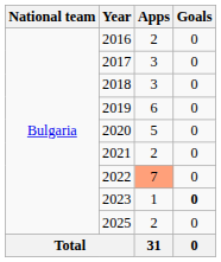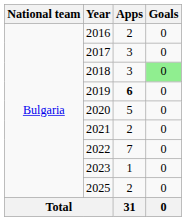 <table class="wikitable" style="text-align:center">
 <tr>
 <th>National team</th>
 <th>Year</th>
 <th>Apps</th>
 <th>Goals</th>
 </tr>
 <tr>
 <td rowspan="9"><a href='#'>Bulgaria</a></td>
 <td>2016</td>
 <td>2</td>
 <td>0</td>
 </tr>
 <tr>
 <td>2017</td>
 <td>3</td>
 <td>0</td>
 </tr>
 <tr>
 <td>2018</td>
 <td>3</td>
-<td>0</td>
+<td style="background: lightgreen;">0</td>
 </tr>
 <tr>
 <td>2019</td>
-<td>6</td>
+<td><strong>6</strong></td>
 <td>0</td>
 </tr>
 <tr>
 <td>2020</td>
 <td>5</td>
 <td>0</td>
 </tr>
 <tr>
 <td>2021</td>
 <td>2</td>
 <td>0</td>
 </tr>
 <tr>
 <td>2022</td>
-<td style="background: lightsalmon;">7</td>
+<td>7</td>
 <td>0</td>
 </tr>
 <tr>
 <td>2023</td>
 <td>1</td>
-<td><strong>0</strong></td>
+<td>0</td>
 </tr>
 <tr>
 <td>2025</td>
 <td>2</td>
 <td>0</td>
 </tr>
 <tr>
 <th colspan="2">Total</th>
 <th>31</th>
 <th>0</th>
 </tr>
 </table>
